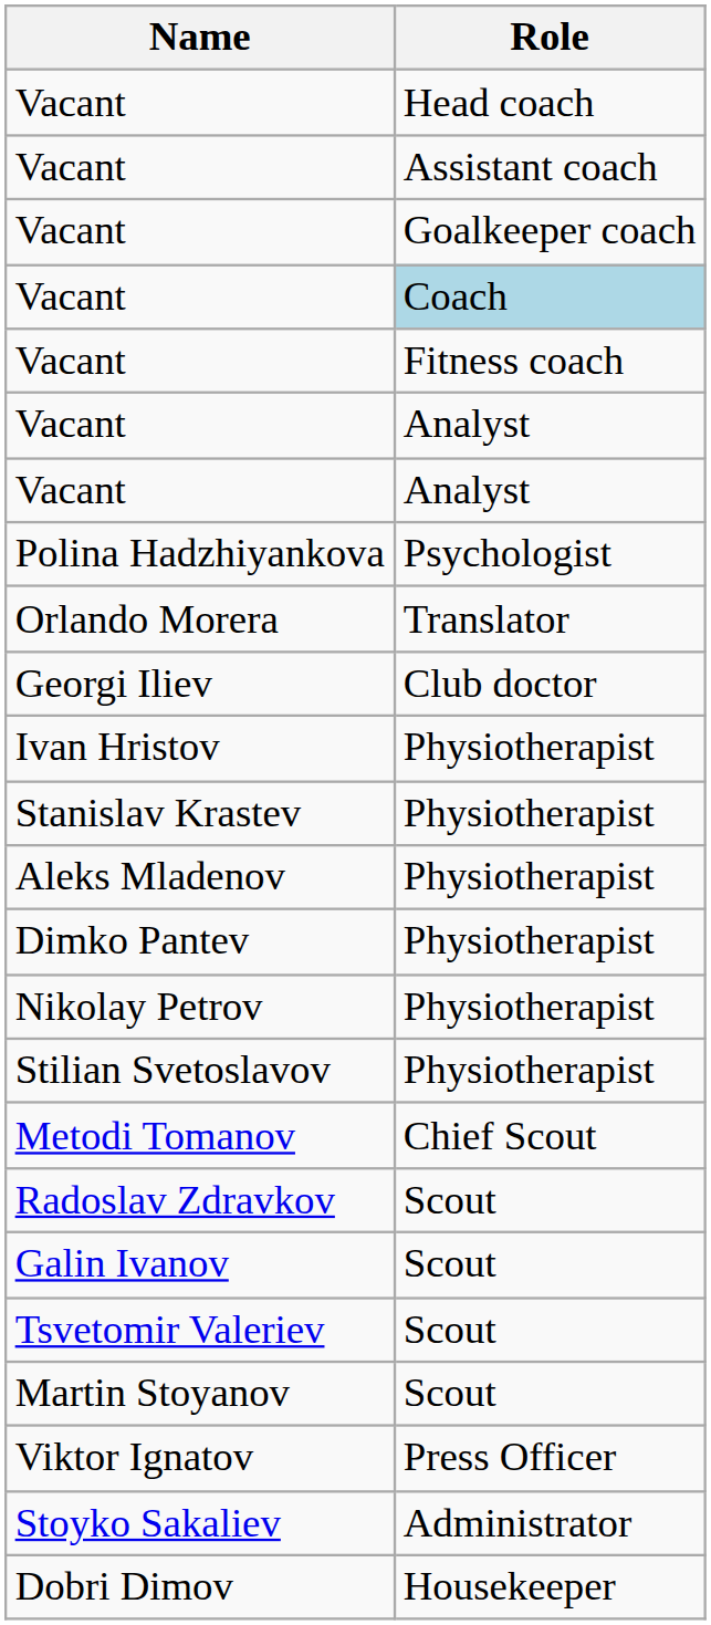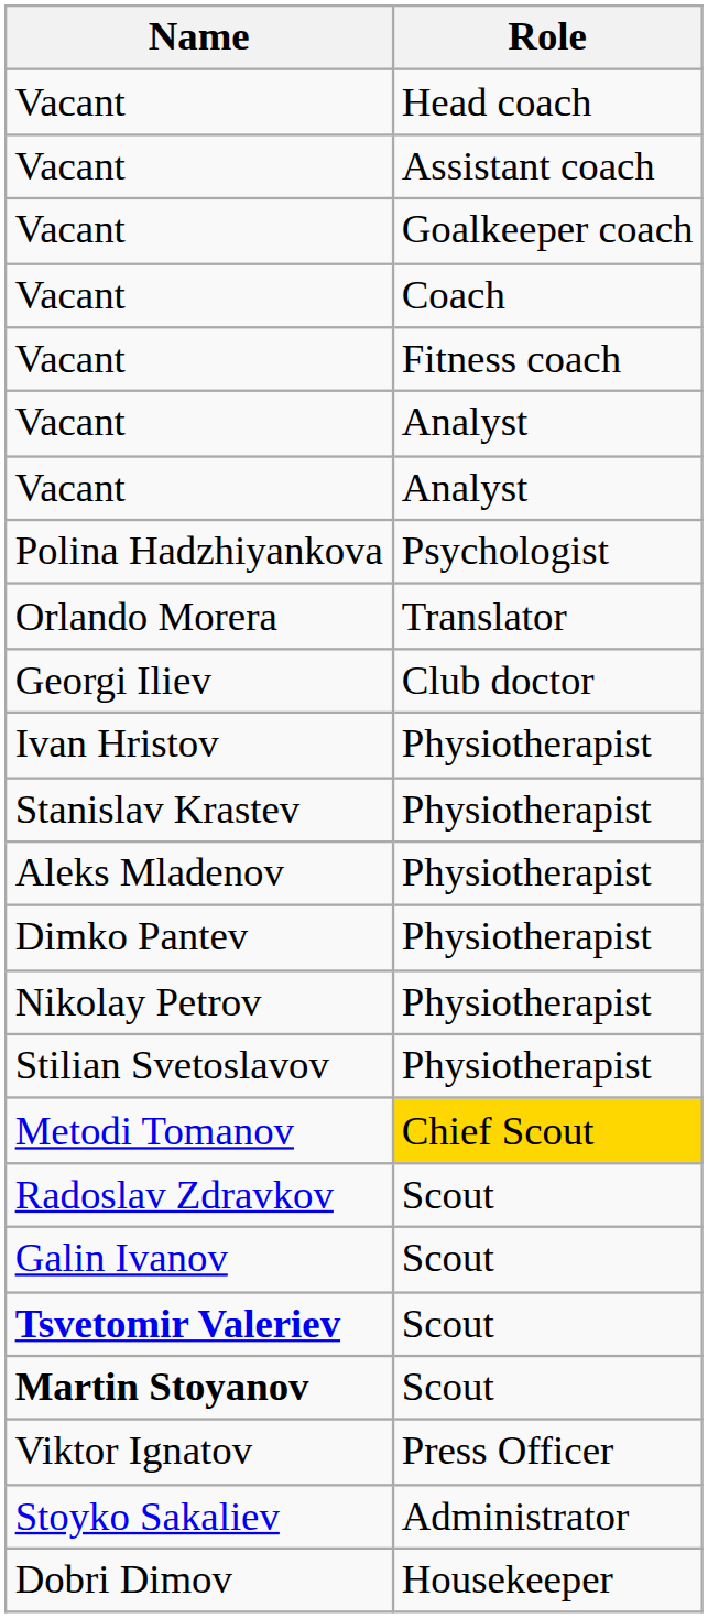 <table class="wikitable">
 <tr>
 <th>Name</th>
 <th>Role</th>
 </tr>
 <tr>
 <td> Vacant</td>
 <td>Head coach</td>
 </tr>
 <tr>
 <td> Vacant</td>
 <td>Assistant coach</td>
 </tr>
 <tr>
 <td> Vacant</td>
 <td>Goalkeeper coach</td>
 </tr>
 <tr>
 <td> Vacant</td>
-<td style="background: lightblue;">Coach</td>
+<td>Coach</td>
 </tr>
 <tr>
 <td> Vacant</td>
 <td>Fitness coach</td>
 </tr>
 <tr>
 <td> Vacant</td>
 <td>Analyst</td>
 </tr>
 <tr>
 <td> Vacant</td>
 <td>Analyst</td>
 </tr>
 <tr>
 <td> Polina Hadzhiyankova</td>
 <td>Psychologist</td>
 </tr>
 <tr>
 <td>  Orlando Morera</td>
 <td>Translator</td>
 </tr>
 <tr>
 <td> Georgi Iliev</td>
 <td>Club doctor</td>
 </tr>
 <tr>
 <td> Ivan Hristov</td>
 <td>Physiotherapist</td>
 </tr>
 <tr>
 <td> Stanislav Krastev</td>
 <td>Physiotherapist</td>
 </tr>
 <tr>
 <td> Aleks Mladenov</td>
 <td>Physiotherapist</td>
 </tr>
 <tr>
 <td> Dimko Pantev</td>
 <td>Physiotherapist</td>
 </tr>
 <tr>
 <td> Nikolay Petrov</td>
 <td>Physiotherapist</td>
 </tr>
 <tr>
 <td> Stilian Svetoslavov</td>
 <td>Physiotherapist</td>
 </tr>
 <tr>
 <td> <a href='#'>Metodi Tomanov</a></td>
-<td>Chief Scout</td>
+<td style="background: gold;">Chief Scout</td>
 </tr>
 <tr>
 <td> <a href='#'>Radoslav Zdravkov</a></td>
 <td>Scout</td>
 </tr>
 <tr>
 <td> <a href='#'>Galin Ivanov</a></td>
 <td>Scout</td>
 </tr>
 <tr>
-<td> <a href='#'>Tsvetomir Valeriev</a></td>
+<td><strong> <a href='#'>Tsvetomir Valeriev</a></strong></td>
 <td>Scout</td>
 </tr>
 <tr>
-<td> Martin Stoyanov</td>
+<td><strong> Martin Stoyanov</strong></td>
 <td>Scout</td>
 </tr>
 <tr>
 <td> Viktor Ignatov</td>
 <td>Press Officer</td>
 </tr>
 <tr>
 <td> <a href='#'>Stoyko Sakaliev</a></td>
 <td>Administrator</td>
 </tr>
 <tr>
 <td> Dobri Dimov</td>
 <td>Housekeeper</td>
 </tr>
 </table>
